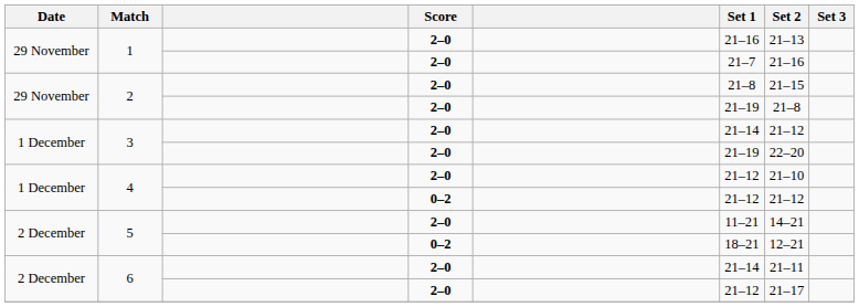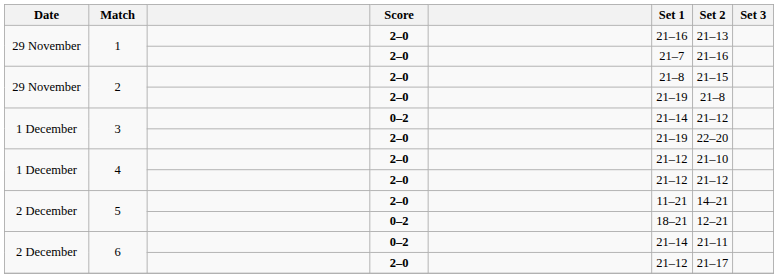 <table class="wikitable" style="text-align: center; font-size:90% ">
 <tr>
 <th width="90">Date</th>
 <th width="60">Match</th>
 <th align="right" width="250"></th>
 <th width="60">Score</th>
 <th align="left" width="250"></th>
 <th width="40">Set 1</th>
 <th width="40">Set 2</th>
 <th width="40">Set 3</th>
 </tr>
 <tr>
 <td rowspan=2>29 November</td>
 <td rowspan=2>1</td>
 <td align=left><strong></strong></td>
 <td align=center><strong>2–0</strong></td>
 <td align=left></td>
 <td>21–16</td>
 <td>21–13</td>
 <td></td>
 </tr>
 <tr>
 <td align=left><strong></strong></td>
 <td align=center><strong>2–0</strong></td>
 <td align=left></td>
 <td>21–7</td>
 <td>21–16</td>
 <td></td>
 </tr>
 <tr>
 <td rowspan=2>29 November</td>
 <td rowspan=2>2</td>
 <td align=left><strong></strong></td>
 <td align=center><strong>2–0</strong></td>
 <td align=left></td>
 <td>21–8</td>
 <td>21–15</td>
 <td></td>
 </tr>
 <tr>
 <td align=left><strong></strong></td>
 <td align=center><strong>2–0</strong></td>
 <td align=left></td>
 <td>21–19</td>
 <td>21–8</td>
 <td></td>
 </tr>
 <tr>
 <td rowspan=2>1 December</td>
 <td rowspan=2>3</td>
 <td align=left><strong></strong></td>
-<td align=center><strong>2–0</strong></td>
+<td align=center><strong>0–2</strong></td>
 <td align=left></td>
 <td>21–14</td>
 <td>21–12</td>
 <td></td>
 </tr>
 <tr>
 <td align=left><strong></strong></td>
 <td align=center><strong>2–0</strong></td>
 <td align=left></td>
 <td>21–19</td>
 <td>22–20</td>
 <td></td>
 </tr>
 <tr>
 <td rowspan=2>1 December</td>
 <td rowspan=2>4</td>
 <td align=left><strong></strong></td>
 <td align=center><strong>2–0</strong></td>
 <td align=left></td>
 <td>21–12</td>
 <td>21–10</td>
 <td></td>
 </tr>
 <tr>
 <td align=left><strong></strong></td>
-<td align=center><strong>0–2</strong></td>
+<td align=center><strong>2–0</strong></td>
 <td align=left></td>
 <td>21–12</td>
 <td>21–12</td>
 <td></td>
 </tr>
 <tr>
 <td rowspan=2>2 December</td>
 <td rowspan=2>5</td>
 <td align=left></td>
 <td align=center><strong>2–0</strong></td>
 <td align=left><strong></strong></td>
 <td>11–21</td>
 <td>14–21</td>
 <td></td>
 </tr>
 <tr>
 <td align=left></td>
 <td align=center><strong>0–2</strong></td>
 <td align=left><strong></strong></td>
 <td>18–21</td>
 <td>12–21</td>
 <td></td>
 </tr>
 <tr>
 <td rowspan=2>2 December</td>
 <td rowspan=2>6</td>
 <td align=left></td>
-<td align=center><strong>2–0</strong></td>
+<td align=center><strong>0–2</strong></td>
 <td align=left></td>
 <td>21–14</td>
 <td>21–11</td>
 <td></td>
 </tr>
 <tr>
 <td align=left></td>
 <td align=center><strong>2–0</strong></td>
 <td align=left></td>
 <td>21–12</td>
 <td>21–17</td>
 <td></td>
 </tr>
 <tr>
 </tr>
 </table>
